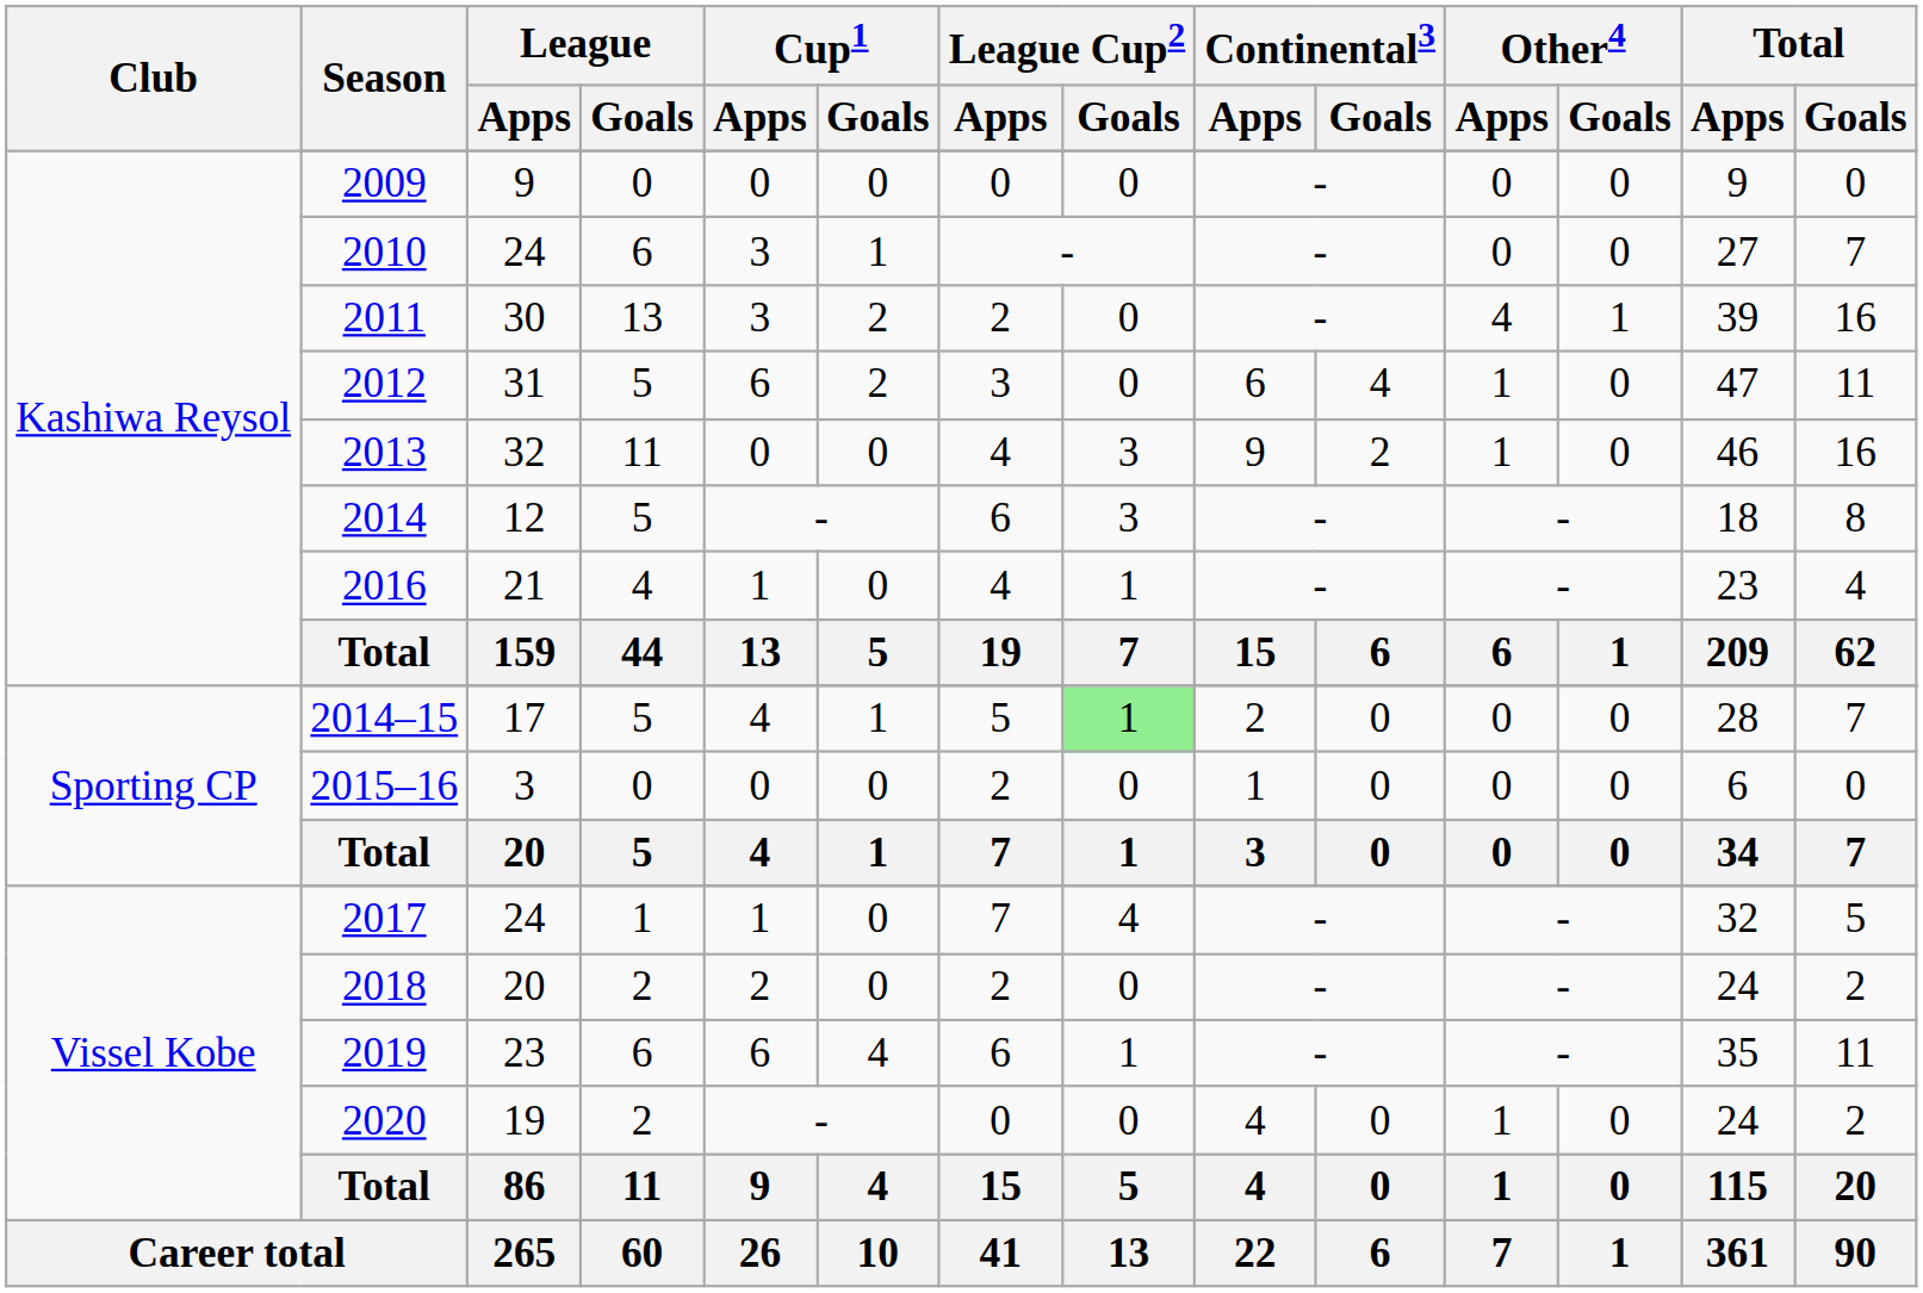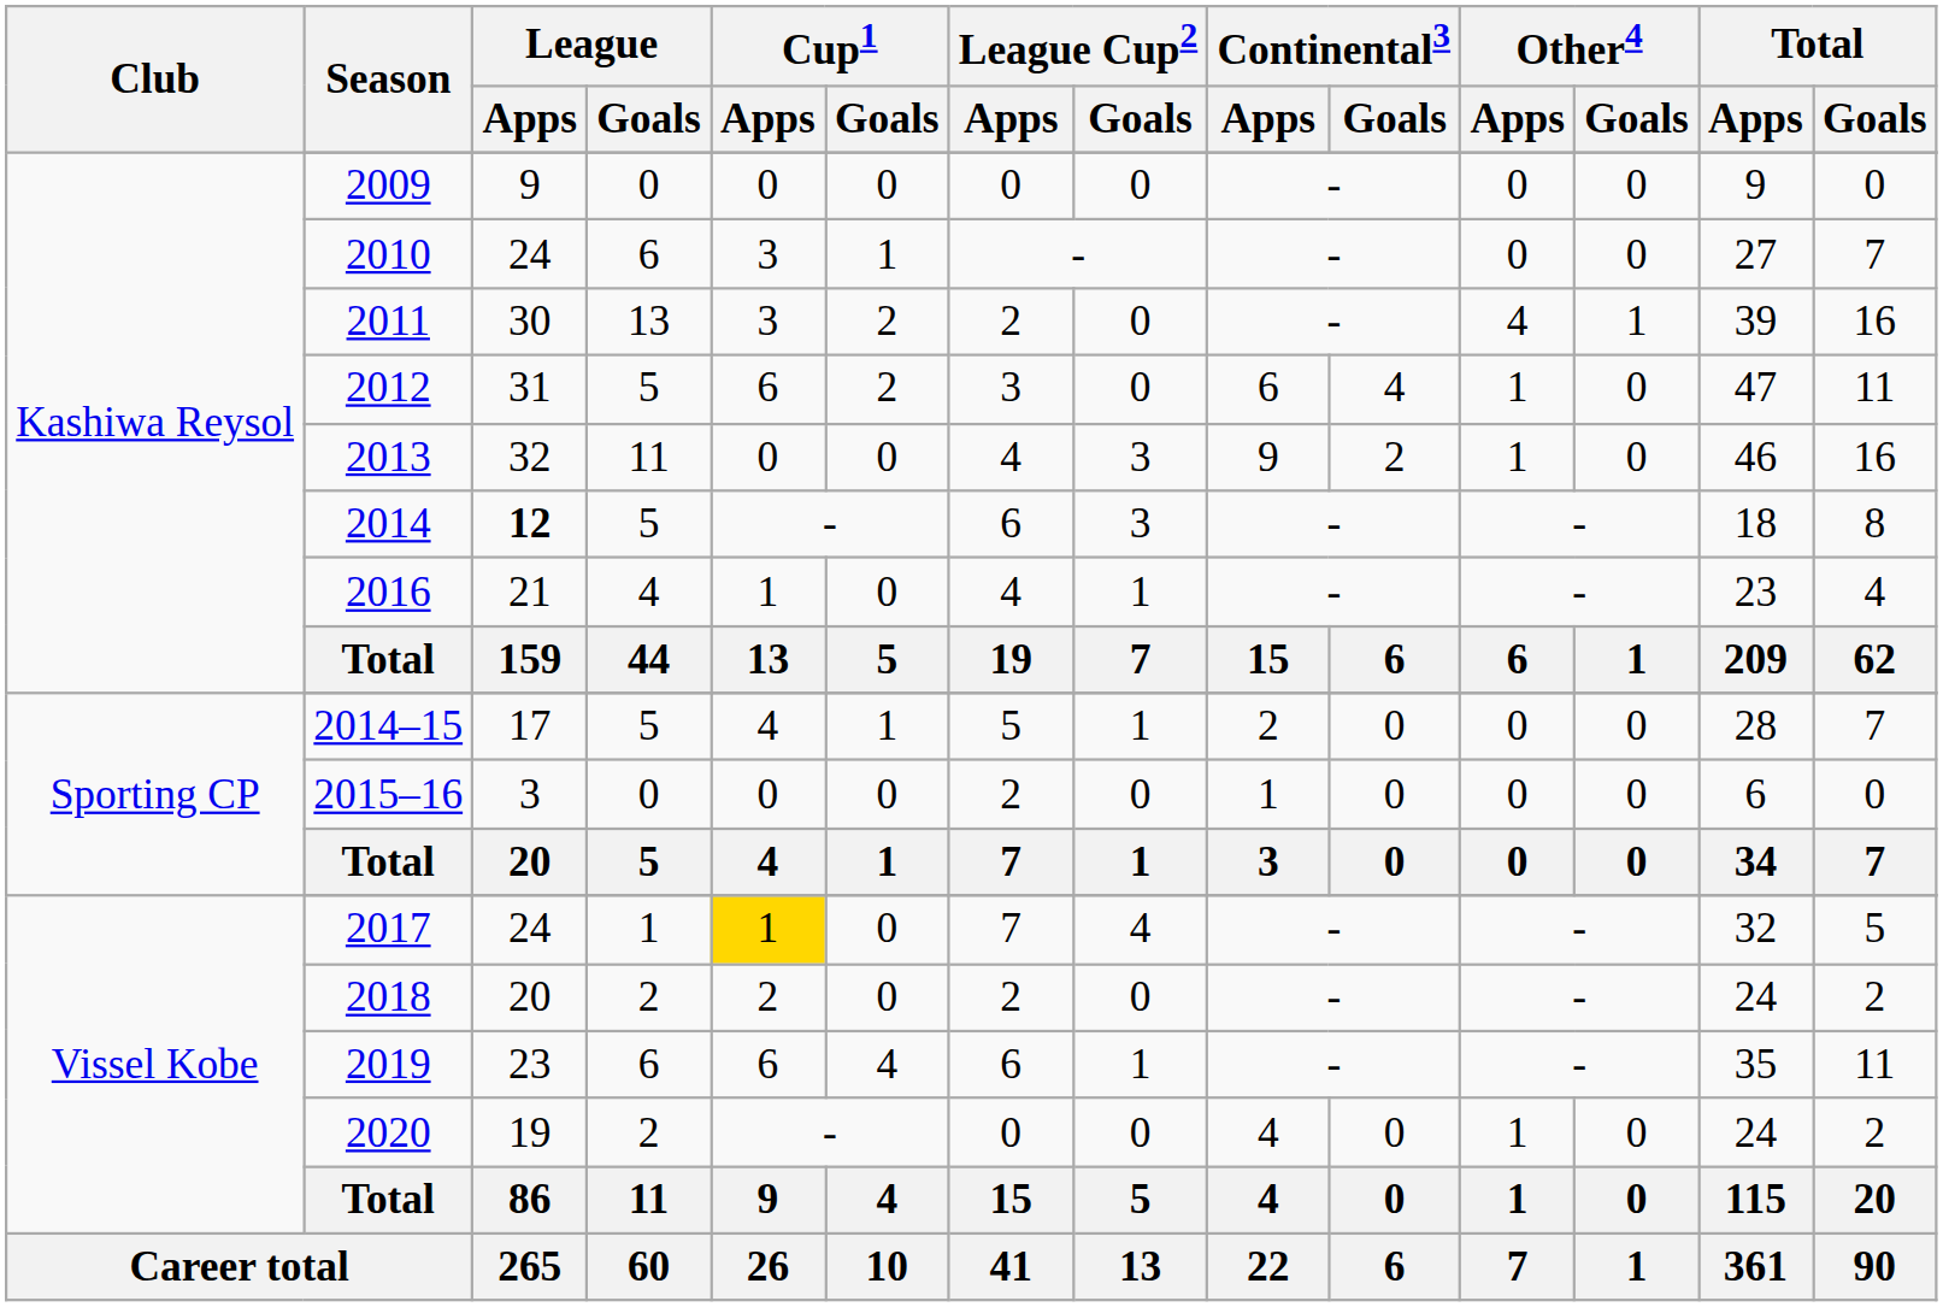 <table class="wikitable" style="text-align:center;">
 <tr>
 <th rowspan="2">Club</th>
 <th rowspan="2">Season</th>
 <th colspan="2">League</th>
 <th colspan="2">Cup<sup><a href='#'>1</a></sup></th>
 <th colspan="2">League Cup<sup><a href='#'>2</a></sup></th>
 <th colspan="2">Continental<sup><a href='#'>3</a></sup></th>
 <th colspan="2">Other<sup><a href='#'>4</a></sup></th>
 <th colspan="2">Total</th>
 </tr>
 <tr>
 <th>Apps</th>
 <th>Goals</th>
 <th>Apps</th>
 <th>Goals</th>
 <th>Apps</th>
 <th>Goals</th>
 <th>Apps</th>
 <th>Goals</th>
 <th>Apps</th>
 <th>Goals</th>
 <th>Apps</th>
 <th>Goals</th>
 </tr>
 <tr>
 <td rowspan="9"><a href='#'>Kashiwa Reysol</a></td>
 </tr>
 <tr>
 <td><a href='#'>2009</a></td>
 <td>9</td>
 <td>0</td>
 <td>0</td>
 <td>0</td>
 <td>0</td>
 <td>0</td>
 <td colspan="2">-</td>
 <td>0</td>
 <td>0</td>
 <td>9</td>
 <td>0</td>
 </tr>
 <tr>
 <td><a href='#'>2010</a></td>
 <td>24</td>
 <td>6</td>
 <td>3</td>
 <td>1</td>
 <td colspan="2">-</td>
 <td colspan="2">-</td>
 <td>0</td>
 <td>0</td>
 <td>27</td>
 <td>7</td>
 </tr>
 <tr>
 <td><a href='#'>2011</a></td>
 <td>30</td>
 <td>13</td>
 <td>3</td>
 <td>2</td>
 <td>2</td>
 <td>0</td>
 <td colspan="2">-</td>
 <td>4</td>
 <td>1</td>
 <td>39</td>
 <td>16</td>
 </tr>
 <tr>
 <td><a href='#'>2012</a></td>
 <td>31</td>
 <td>5</td>
 <td>6</td>
 <td>2</td>
 <td>3</td>
 <td>0</td>
 <td>6</td>
 <td>4</td>
 <td>1</td>
 <td>0</td>
 <td>47</td>
 <td>11</td>
 </tr>
 <tr>
 <td><a href='#'>2013</a></td>
 <td>32</td>
 <td>11</td>
 <td>0</td>
 <td>0</td>
 <td>4</td>
 <td>3</td>
 <td>9</td>
 <td>2</td>
 <td>1</td>
 <td>0</td>
 <td>46</td>
 <td>16</td>
 </tr>
 <tr>
 <td><a href='#'>2014</a></td>
-<td>12</td>
+<td><strong>12</strong></td>
 <td>5</td>
 <td colspan="2">-</td>
 <td>6</td>
 <td>3</td>
 <td colspan="2">-</td>
 <td colspan="2">-</td>
 <td>18</td>
 <td>8</td>
 </tr>
 <tr>
 <td><a href='#'>2016</a></td>
 <td>21</td>
 <td>4</td>
 <td>1</td>
 <td>0</td>
 <td>4</td>
 <td>1</td>
 <td colspan="2">-</td>
 <td colspan="2">-</td>
 <td>23</td>
 <td>4</td>
 </tr>
 <tr>
 <th colspan="1">Total</th>
 <th>159</th>
 <th>44</th>
 <th>13</th>
 <th>5</th>
 <th>19</th>
 <th>7</th>
 <th>15</th>
 <th>6</th>
 <th>6</th>
 <th>1</th>
 <th>209</th>
 <th>62</th>
 </tr>
 <tr>
 <td rowspan="4"><a href='#'>Sporting CP</a></td>
 </tr>
 <tr>
 <td><a href='#'>2014–15</a></td>
 <td>17</td>
 <td>5</td>
 <td>4</td>
 <td>1</td>
 <td>5</td>
-<td style="background: lightgreen;">1</td>
+<td>1</td>
 <td>2</td>
 <td>0</td>
 <td>0</td>
 <td>0</td>
 <td>28</td>
 <td>7</td>
 </tr>
 <tr>
 <td><a href='#'>2015–16</a></td>
 <td>3</td>
 <td>0</td>
 <td>0</td>
 <td>0</td>
 <td>2</td>
 <td>0</td>
 <td>1</td>
 <td>0</td>
 <td>0</td>
 <td>0</td>
 <td>6</td>
 <td>0</td>
 </tr>
 <tr>
 <th colspan="1">Total</th>
 <th>20</th>
 <th>5</th>
 <th>4</th>
 <th>1</th>
 <th>7</th>
 <th>1</th>
 <th>3</th>
 <th>0</th>
 <th>0</th>
 <th>0</th>
 <th>34</th>
 <th>7</th>
 </tr>
 <tr>
 <td rowspan="6"><a href='#'>Vissel Kobe</a></td>
 </tr>
 <tr>
 <td><a href='#'>2017</a></td>
 <td>24</td>
 <td>1</td>
-<td>1</td>
+<td style="background: gold;">1</td>
 <td>0</td>
 <td>7</td>
 <td>4</td>
 <td colspan="2">-</td>
 <td colspan="2">-</td>
 <td>32</td>
 <td>5</td>
 </tr>
 <tr>
 <td><a href='#'>2018</a></td>
 <td>20</td>
 <td>2</td>
 <td>2</td>
 <td>0</td>
 <td>2</td>
 <td>0</td>
 <td colspan="2">-</td>
 <td colspan="2">-</td>
 <td>24</td>
 <td>2</td>
 </tr>
 <tr>
 <td><a href='#'>2019</a></td>
 <td>23</td>
 <td>6</td>
 <td>6</td>
 <td>4</td>
 <td>6</td>
 <td>1</td>
 <td colspan="2">-</td>
 <td colspan="2">-</td>
 <td>35</td>
 <td>11</td>
 </tr>
 <tr>
 <td><a href='#'>2020</a></td>
 <td>19</td>
 <td>2</td>
 <td colspan=2>-</td>
 <td>0</td>
 <td>0</td>
 <td>4</td>
 <td>0</td>
 <td>1</td>
 <td>0</td>
 <td>24</td>
 <td>2</td>
 </tr>
 <tr>
 <th colspan="1">Total</th>
 <th>86</th>
 <th>11</th>
 <th>9</th>
 <th>4</th>
 <th>15</th>
 <th>5</th>
 <th>4</th>
 <th>0</th>
 <th>1</th>
 <th>0</th>
 <th>115</th>
 <th>20</th>
 </tr>
 <tr>
 <th colspan="2">Career total</th>
 <th>265</th>
 <th>60</th>
 <th>26</th>
 <th>10</th>
 <th>41</th>
 <th>13</th>
 <th>22</th>
 <th>6</th>
 <th>7</th>
 <th>1</th>
 <th>361</th>
 <th>90</th>
 </tr>
 </table>
